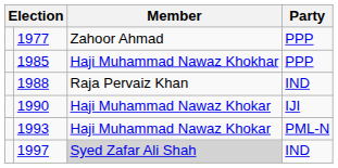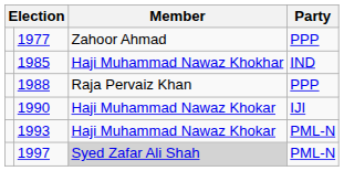 <table class="wikitable">
 <tr>
 <th colspan="2">Election</th>
 <th>Member</th>
 <th>Party</th>
 </tr>
 <tr>
 <td style="background-color: "></td>
 <td><a href='#'>1977</a></td>
 <td>Zahoor Ahmad</td>
 <td><a href='#'>PPP</a></td>
 </tr>
 <tr>
 <td style="background-color: "></td>
 <td><a href='#'>1985</a></td>
 <td><a href='#'>Haji Muhammad Nawaz Khokhar</a></td>
-<td><a href='#'>PPP</a></td>
+<td><a href='#'>IND</a></td>
 </tr>
 <tr>
 <td style="background-color: "></td>
 <td><a href='#'>1988</a></td>
 <td>Raja Pervaiz Khan</td>
-<td><a href='#'>IND</a></td>
+<td><a href='#'>PPP</a></td>
 </tr>
 <tr>
 <td style="background-color: "></td>
 <td><a href='#'>1990</a></td>
 <td><a href='#'>Haji Muhammad Nawaz Khokar</a></td>
 <td><a href='#'>IJI</a></td>
 </tr>
 <tr>
 <td style="background-color: "></td>
 <td><a href='#'>1993</a></td>
 <td><a href='#'>Haji Muhammad Nawaz Khokar</a></td>
 <td><a href='#'>PML-N</a></td>
 </tr>
 <tr>
 <td style="background-color: "></td>
 <td><a href='#'>1997</a></td>
 <td style="background: lightgrey;"><a href='#'>Syed Zafar Ali Shah</a></td>
-<td><a href='#'>IND</a></td>
+<td><a href='#'>PML-N</a></td>
 </tr>
 </table>
